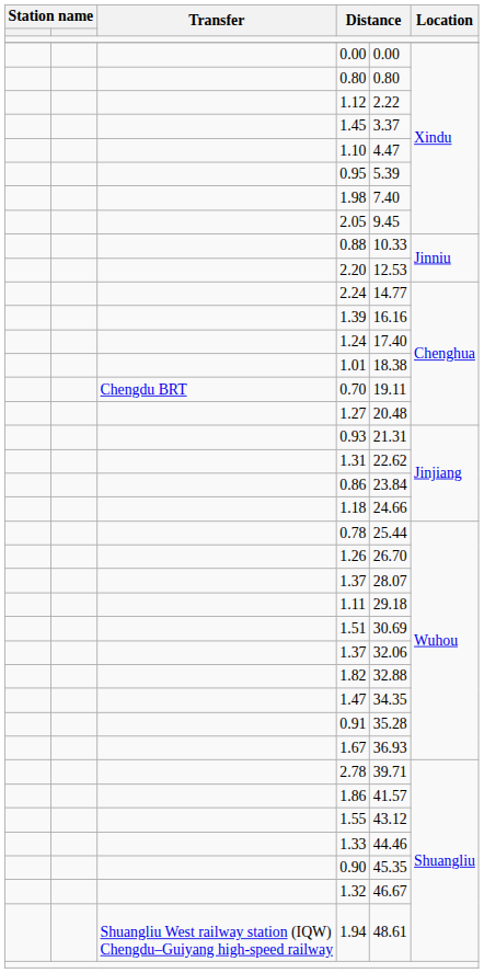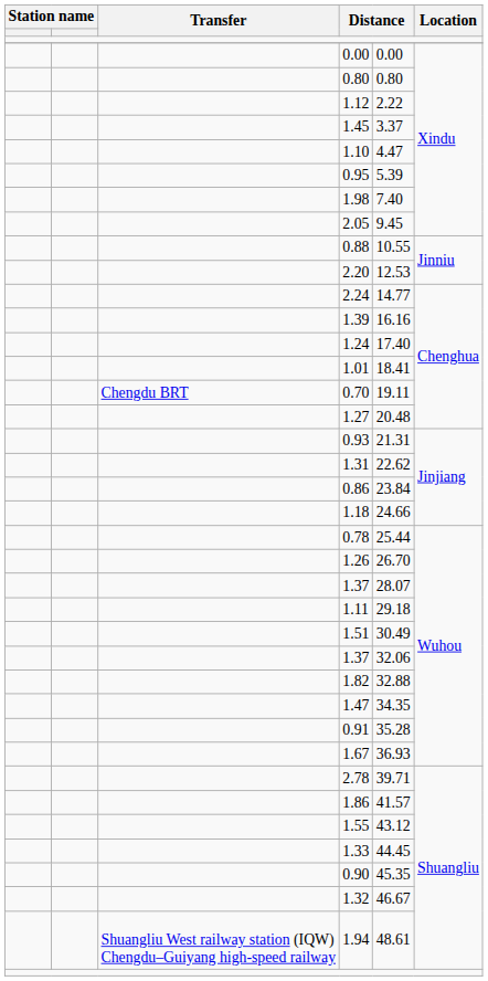 <table class="wikitable">
 <tr>
 <th colspan=2>Station name</th>
 <th rowspan=2>Transfer</th>
 <th colspan="2" rowspan="2">Distance<br></th>
 <th rowspan=2>Location</th>
 </tr>
 <tr>
 <th></th>
 <th></th>
 </tr>
 <tr style="background:#">
 <td colspan="6"></td>
 </tr>
 <tr>
 </tr>
 <tr>
 <td></td>
 <td></td>
 <td></td>
 <td>0.00</td>
 <td>0.00</td>
 <td rowspan="8"><a href='#'>Xindu</a></td>
 </tr>
 <tr>
 <td></td>
 <td></td>
 <td></td>
 <td>0.80</td>
 <td>0.80</td>
 </tr>
 <tr>
 <td></td>
 <td></td>
 <td></td>
 <td>1.12</td>
 <td>2.22</td>
 </tr>
 <tr>
 <td></td>
 <td></td>
 <td></td>
 <td>1.45</td>
 <td>3.37</td>
 </tr>
 <tr>
 <td></td>
 <td></td>
 <td></td>
 <td>1.10</td>
 <td>4.47</td>
 </tr>
 <tr>
 <td></td>
 <td></td>
 <td></td>
 <td>0.95</td>
 <td>5.39</td>
 </tr>
 <tr>
 <td></td>
 <td></td>
 <td></td>
 <td>1.98</td>
 <td>7.40</td>
 </tr>
 <tr>
 <td></td>
 <td></td>
 <td></td>
 <td>2.05</td>
 <td>9.45</td>
 </tr>
 <tr>
 <td></td>
 <td></td>
 <td></td>
 <td>0.88</td>
-<td>10.33</td>
+<td>10.55</td>
 <td rowspan="2"><a href='#'>Jinniu</a></td>
 </tr>
 <tr>
 <td></td>
 <td></td>
 <td></td>
 <td>2.20</td>
 <td>12.53</td>
 </tr>
 <tr>
 <td></td>
 <td></td>
 <td></td>
 <td>2.24</td>
 <td>14.77</td>
 <td rowspan="6"><a href='#'>Chenghua</a></td>
 </tr>
 <tr>
 <td></td>
 <td></td>
 <td></td>
 <td>1.39</td>
 <td>16.16</td>
 </tr>
 <tr>
 <td></td>
 <td></td>
 <td></td>
 <td>1.24</td>
 <td>17.40</td>
 </tr>
 <tr>
 <td></td>
 <td></td>
 <td></td>
 <td>1.01</td>
-<td>18.38</td>
+<td>18.41</td>
 </tr>
 <tr>
 <td></td>
 <td></td>
 <td> <a href='#'>Chengdu BRT</a></td>
 <td>0.70</td>
 <td>19.11</td>
 </tr>
 <tr>
 <td></td>
 <td></td>
 <td></td>
 <td>1.27</td>
 <td>20.48</td>
 </tr>
 <tr>
 <td></td>
 <td></td>
 <td></td>
 <td>0.93</td>
 <td>21.31</td>
 <td rowspan="4"><a href='#'>Jinjiang</a></td>
 </tr>
 <tr>
 <td></td>
 <td></td>
 <td></td>
 <td>1.31</td>
 <td>22.62</td>
 </tr>
 <tr>
 <td></td>
 <td></td>
 <td></td>
 <td>0.86</td>
 <td>23.84</td>
 </tr>
 <tr>
 <td></td>
 <td></td>
 <td></td>
 <td>1.18</td>
 <td>24.66</td>
 </tr>
 <tr>
 <td></td>
 <td></td>
 <td></td>
 <td>0.78</td>
 <td>25.44</td>
 <td rowspan="10"><a href='#'>Wuhou</a></td>
 </tr>
 <tr>
 <td></td>
 <td></td>
 <td></td>
 <td>1.26</td>
 <td>26.70</td>
 </tr>
 <tr>
 <td></td>
 <td></td>
 <td></td>
 <td>1.37</td>
 <td>28.07</td>
 </tr>
 <tr>
 <td></td>
 <td></td>
 <td></td>
 <td>1.11</td>
 <td>29.18</td>
 </tr>
 <tr>
 <td></td>
 <td></td>
 <td></td>
 <td>1.51</td>
-<td>30.69</td>
+<td>30.49</td>
 </tr>
 <tr>
 <td></td>
 <td></td>
 <td> </td>
 <td>1.37</td>
 <td>32.06</td>
 </tr>
 <tr>
 <td></td>
 <td></td>
 <td></td>
 <td>1.82</td>
 <td>32.88</td>
 </tr>
 <tr>
 <td></td>
 <td></td>
 <td></td>
 <td>1.47</td>
 <td>34.35</td>
 </tr>
 <tr>
 <td></td>
 <td></td>
 <td></td>
 <td>0.91</td>
 <td>35.28</td>
 </tr>
 <tr>
 <td></td>
 <td></td>
 <td></td>
 <td>1.67</td>
 <td>36.93</td>
 </tr>
 <tr>
 <td></td>
 <td></td>
 <td></td>
 <td>2.78</td>
 <td>39.71</td>
 <td rowspan="7"><a href='#'>Shuangliu</a></td>
 </tr>
 <tr>
 <td></td>
 <td></td>
 <td></td>
 <td>1.86</td>
 <td>41.57</td>
 </tr>
 <tr>
 <td></td>
 <td></td>
 <td></td>
 <td>1.55</td>
 <td>43.12</td>
 </tr>
 <tr>
 <td></td>
 <td></td>
 <td></td>
 <td>1.33</td>
-<td>44.46</td>
+<td>44.45</td>
 </tr>
 <tr>
 <td></td>
 <td></td>
 <td></td>
 <td>0.90</td>
 <td>45.35</td>
 </tr>
 <tr>
 <td></td>
 <td></td>
 <td></td>
 <td>1.32</td>
 <td>46.67</td>
 </tr>
 <tr>
 <td></td>
 <td></td>
 <td><br> <a href='#'>Shuangliu West railway station</a> (IQW)<br><a href='#'>Chengdu–Guiyang high-speed railway</a></td>
 <td>1.94</td>
 <td>48.61</td>
 </tr>
 <tr style="background:#">
 <td colspan="6"></td>
 </tr>
 </table>
